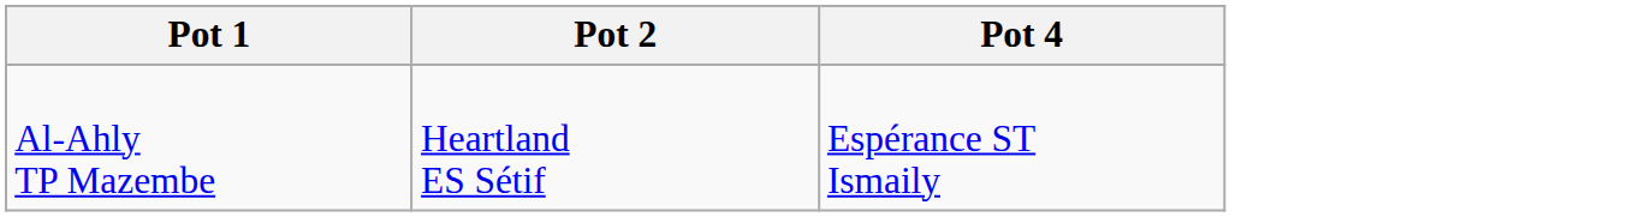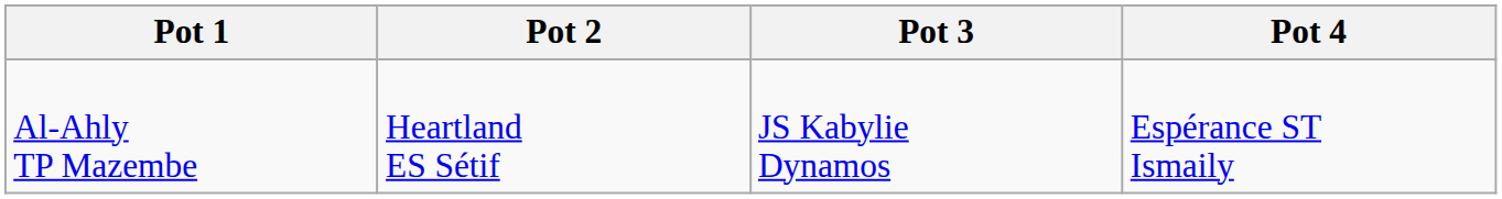 <table class="wikitable">
 <tr>
 <th width=165>Pot 1</th>
 <th width=165>Pot 2</th>
+<th width=165>Pot 3</th>
 <th width=165>Pot 4</th>
 </tr>
 <tr>
 <td><br> <a href='#'>Al-Ahly</a><br>  <a href='#'>TP Mazembe</a></td>
 <td><br> <a href='#'>Heartland</a><br>  <a href='#'>ES Sétif</a><br></td>
+<td><br> <a href='#'>JS Kabylie</a><br>  <a href='#'>Dynamos</a></td>
 <td><br> <a href='#'>Espérance ST</a><br>  <a href='#'>Ismaily</a></td>
 </tr>
 </table>
